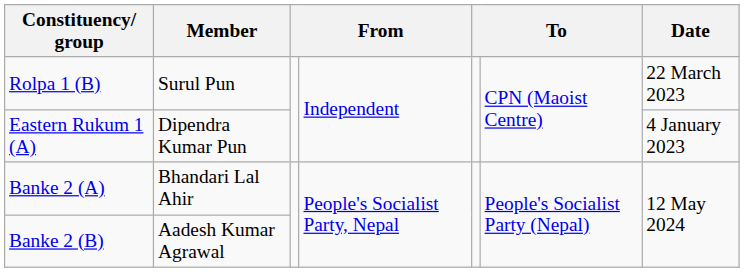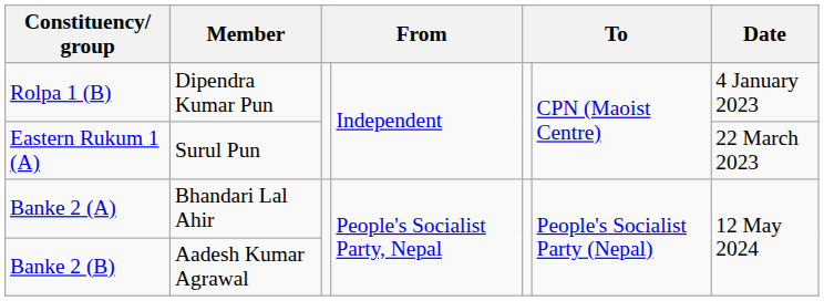 <table class="wikitable">
 <tr>
 <th>Constituency/ group</th>
 <th>Member</th>
 <th colspan="2">From</th>
 <th colspan="2">To</th>
 <th>Date</th>
 </tr>
 <tr>
 <td><a href='#'>Rolpa 1 (B)</a></td>
-<td>Surul Pun</td>
+<td>Dipendra Kumar Pun</td>
 <td rowspan="2"></td>
 <td rowspan="2" rowpsan="2"><a href='#'>Independent</a></td>
 <td rowspan="2"></td>
 <td rowspan="2"><a href='#'>CPN (Maoist Centre)</a></td>
-<td>22 March 2023</td>
+<td>4 January 2023</td>
 </tr>
 <tr>
 <td><a href='#'>Eastern Rukum 1 (A)</a></td>
-<td>Dipendra Kumar Pun</td>
-<td>4 January 2023</td>
+<td>Surul Pun</td>
+<td>22 March 2023</td>
 </tr>
 <tr>
 <td><a href='#'>Banke 2 (A)</a></td>
 <td>Bhandari Lal Ahir</td>
 <td rowspan="2"></td>
 <td rowspan="2"><a href='#'>People's Socialist Party, Nepal</a></td>
 <td rowspan="2"></td>
 <td rowspan="2"><a href='#'>People's Socialist Party (Nepal)</a></td>
 <td rowspan="2">12 May 2024</td>
 </tr>
 <tr>
 <td><a href='#'>Banke 2 (B)</a></td>
 <td>Aadesh Kumar Agrawal</td>
 </tr>
 </table>
